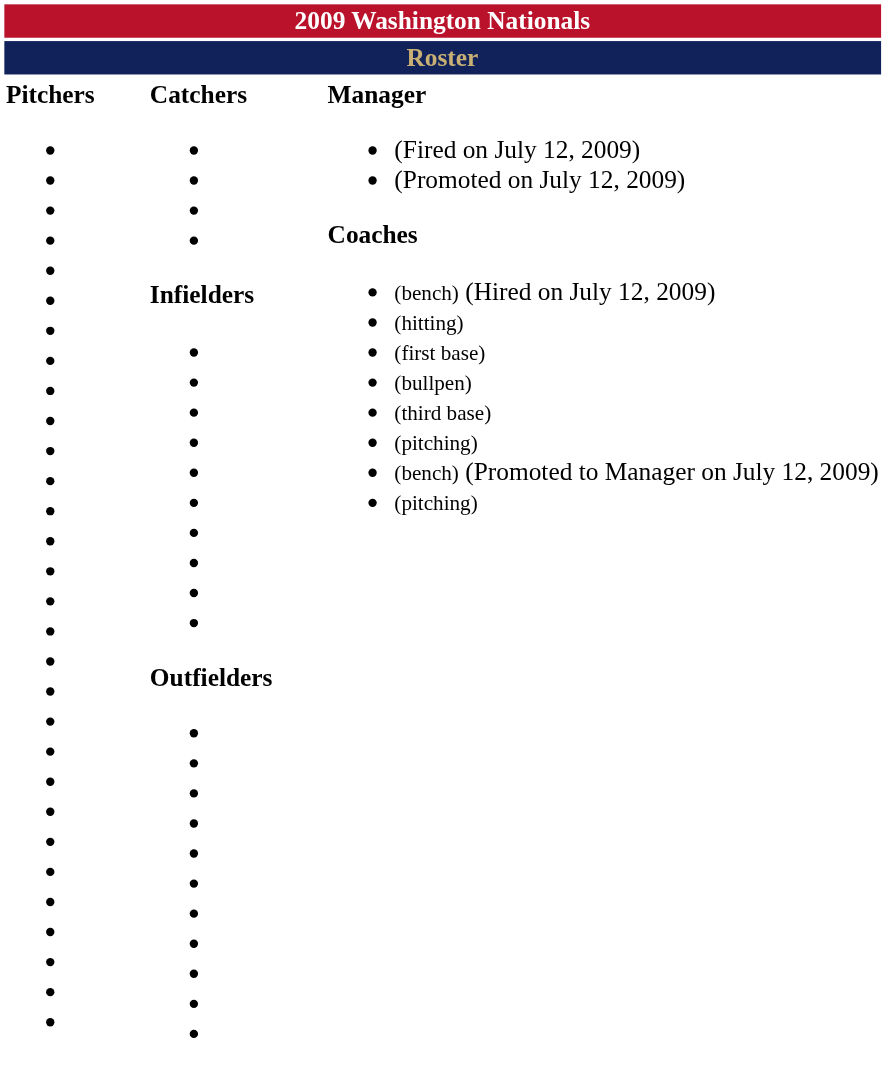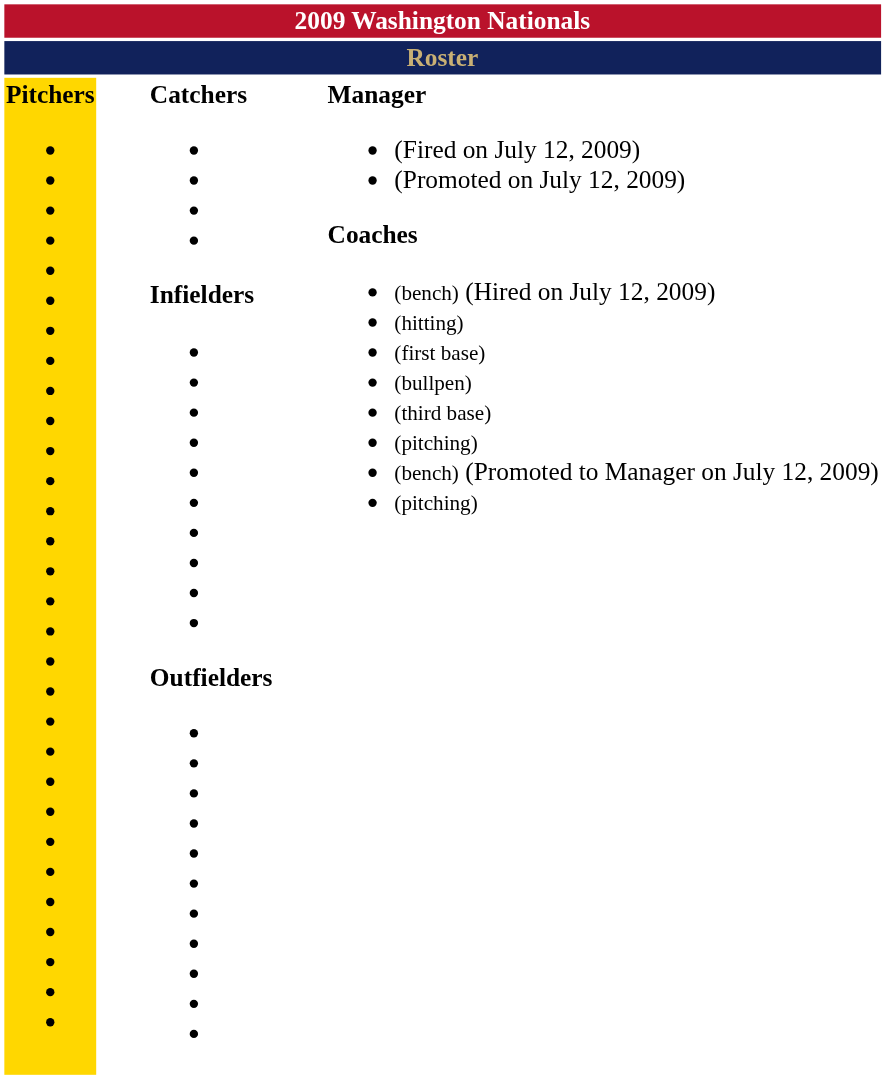 <table class="toccolours" style="font-size: 95%;">
 <tr>
 <th colspan="10" style="background:#ba122b; color:#fff; text-align:center;">2009 Washington Nationals</th>
 </tr>
 <tr>
 <td colspan="10" style="background:#11225b; color:#c9b074; text-align:center;"><strong>Roster</strong></td>
 </tr>
 <tr>
-<td valign="top"><strong>Pitchers</strong><br><ul><li></li><li></li><li></li><li></li><li></li><li></li><li></li><li></li><li></li><li></li><li></li><li></li><li></li><li></li><li></li><li></li><li></li><li></li><li></li><li></li><li></li><li></li><li></li><li></li><li></li><li></li><li></li><li></li><li></li><li></li></ul></td>
+<td valign="top" style="background: gold;"><strong>Pitchers</strong><br><ul><li></li><li></li><li></li><li></li><li></li><li></li><li></li><li></li><li></li><li></li><li></li><li></li><li></li><li></li><li></li><li></li><li></li><li></li><li></li><li></li><li></li><li></li><li></li><li></li><li></li><li></li><li></li><li></li><li></li><li></li></ul></td>
 <td style="width:25px;"></td>
 <td valign="top"><strong>Catchers</strong><br><ul><li></li><li></li><li></li><li></li></ul><strong>Infielders</strong><ul><li></li><li></li><li></li><li></li><li></li><li></li><li></li><li></li><li></li><li></li></ul><strong>Outfielders</strong><ul><li></li><li></li><li></li><li></li><li></li><li></li><li></li><li></li><li></li><li></li><li></li></ul></td>
 <td style="width:25px;"></td>
 <td valign="top"><strong>Manager</strong><br><ul><li> (Fired on July 12, 2009)</li><li> (Promoted on July 12, 2009)</li></ul><strong>Coaches</strong><ul><li><small>(bench)</small> (Hired on July 12, 2009)</li><li> <small>(hitting)</small></li><li> <small>(first base)</small></li><li> <small>(bullpen)</small></li><li> <small>(third base)</small></li><li> <small>(pitching)</small></li><li> <small>(bench)</small> (Promoted to Manager on July 12, 2009)</li><li> <small>(pitching)</small></li></ul></td>
 </tr>
 </table>
